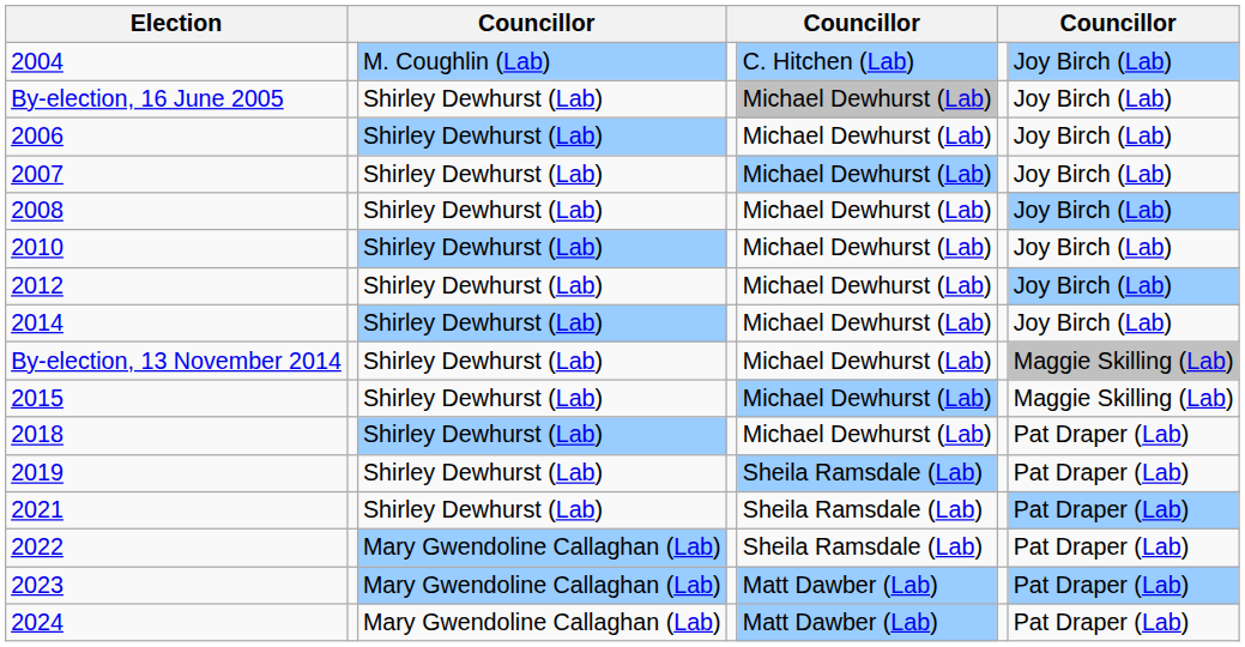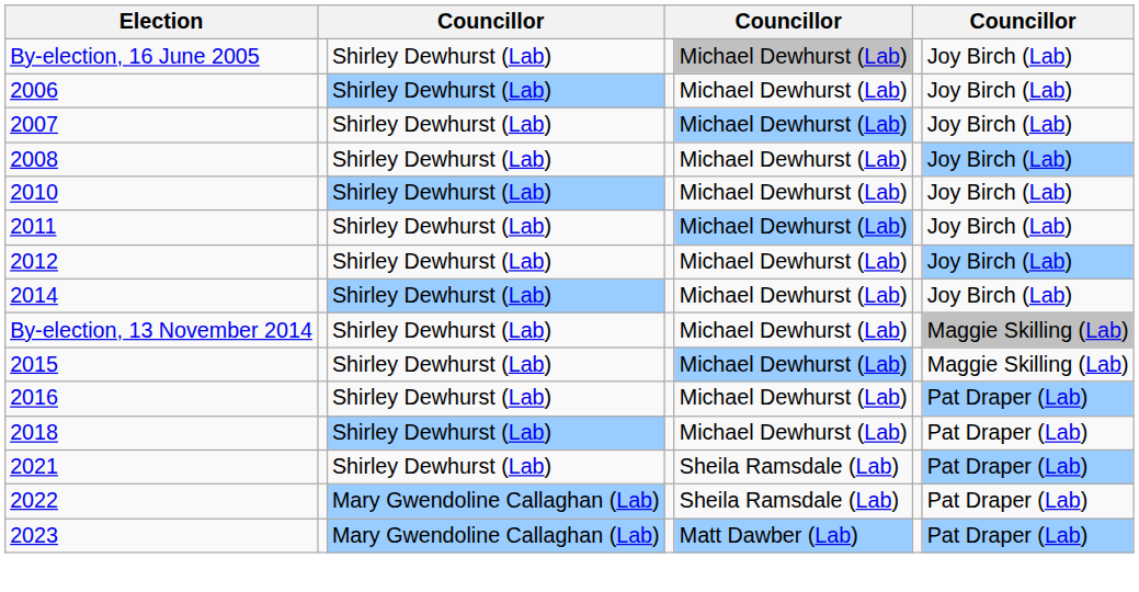 <table class="wikitable">
 <tr>
 <th>Election</th>
 <th colspan="2">Councillor</th>
 <th colspan="2">Councillor</th>
 <th colspan="2">Councillor</th>
-</tr>
-<tr>
-<td><a href='#'>2004</a></td>
-<td style="background-color: "></td>
-<td bgcolor="#99CCFF">M. Coughlin (<a href='#'>Lab</a>)</td>
-<td style="background-color: "></td>
-<td bgcolor="#99CCFF">C. Hitchen (<a href='#'>Lab</a>)</td>
-<td style="background-color: "></td>
-<td bgcolor="#99CCFF">Joy Birch (<a href='#'>Lab</a>)</td>
 </tr>
 <tr>
 <td><a href='#'>By-election, 16 June 2005</a></td>
 <td style="background-color: "></td>
 <td>Shirley Dewhurst (<a href='#'>Lab</a>)</td>
 <td style="background-color: "></td>
 <td bgcolor="#C0C0C0">Michael Dewhurst (<a href='#'>Lab</a>)</td>
 <td style="background-color: "></td>
 <td>Joy Birch (<a href='#'>Lab</a>)</td>
 </tr>
 <tr>
 <td><a href='#'>2006</a></td>
 <td style="background-color: "></td>
 <td bgcolor="#99CCFF">Shirley Dewhurst (<a href='#'>Lab</a>)</td>
 <td style="background-color: "></td>
 <td>Michael Dewhurst (<a href='#'>Lab</a>)</td>
 <td style="background-color: "></td>
 <td>Joy Birch (<a href='#'>Lab</a>)</td>
 </tr>
 <tr>
 <td><a href='#'>2007</a></td>
 <td style="background-color: "></td>
 <td>Shirley Dewhurst (<a href='#'>Lab</a>)</td>
 <td style="background-color: "></td>
 <td bgcolor="#99CCFF">Michael Dewhurst (<a href='#'>Lab</a>)</td>
 <td style="background-color: "></td>
 <td>Joy Birch (<a href='#'>Lab</a>)</td>
 </tr>
 <tr>
 <td><a href='#'>2008</a></td>
 <td style="background-color: "></td>
 <td>Shirley Dewhurst (<a href='#'>Lab</a>)</td>
 <td style="background-color: "></td>
 <td>Michael Dewhurst (<a href='#'>Lab</a>)</td>
 <td style="background-color: "></td>
 <td bgcolor="#99CCFF">Joy Birch (<a href='#'>Lab</a>)</td>
 </tr>
 <tr>
 <td><a href='#'>2010</a></td>
 <td style="background-color: "></td>
 <td bgcolor="#99CCFF">Shirley Dewhurst (<a href='#'>Lab</a>)</td>
 <td style="background-color: "></td>
 <td>Michael Dewhurst (<a href='#'>Lab</a>)</td>
 <td style="background-color: "></td>
 <td>Joy Birch (<a href='#'>Lab</a>)</td>
 </tr>
 <tr>
+<td><a href='#'>2011</a></td>
+<td style="background-color: "></td>
+<td>Shirley Dewhurst (<a href='#'>Lab</a>)</td>
+<td style="background-color: "></td>
+<td bgcolor="#99CCFF">Michael Dewhurst (<a href='#'>Lab</a>)</td>
+<td style="background-color: "></td>
+<td>Joy Birch (<a href='#'>Lab</a>)</td>
+</tr>
+<tr>
 <td><a href='#'>2012</a></td>
 <td style="background-color: "></td>
 <td>Shirley Dewhurst (<a href='#'>Lab</a>)</td>
 <td style="background-color: "></td>
 <td>Michael Dewhurst (<a href='#'>Lab</a>)</td>
 <td style="background-color: "></td>
 <td bgcolor="#99CCFF">Joy Birch (<a href='#'>Lab</a>)</td>
 </tr>
 <tr>
 <td><a href='#'>2014</a></td>
 <td style="background-color: "></td>
 <td bgcolor="#99CCFF">Shirley Dewhurst (<a href='#'>Lab</a>)</td>
 <td style="background-color: "></td>
 <td>Michael Dewhurst (<a href='#'>Lab</a>)</td>
 <td style="background-color: "></td>
 <td>Joy Birch (<a href='#'>Lab</a>)</td>
 </tr>
 <tr>
 <td><a href='#'>By-election, 13 November 2014</a></td>
 <td style="background-color: "></td>
 <td>Shirley Dewhurst (<a href='#'>Lab</a>)</td>
 <td style="background-color: "></td>
 <td>Michael Dewhurst (<a href='#'>Lab</a>)</td>
 <td style="background-color: "></td>
 <td bgcolor="#C0C0C0">Maggie Skilling (<a href='#'>Lab</a>)</td>
 </tr>
 <tr>
 <td><a href='#'>2015</a></td>
 <td style="background-color: "></td>
 <td>Shirley Dewhurst (<a href='#'>Lab</a>)</td>
 <td style="background-color: "></td>
 <td bgcolor="#99CCFF">Michael Dewhurst (<a href='#'>Lab</a>)</td>
 <td style="background-color: "></td>
 <td>Maggie Skilling (<a href='#'>Lab</a>)</td>
 </tr>
 <tr>
+<td><a href='#'>2016</a></td>
+<td style="background-color: "></td>
+<td>Shirley Dewhurst (<a href='#'>Lab</a>)</td>
+<td style="background-color: "></td>
+<td>Michael Dewhurst (<a href='#'>Lab</a>)</td>
+<td style="background-color: "></td>
+<td bgcolor="#99CCFF">Pat Draper (<a href='#'>Lab</a>)</td>
+</tr>
+<tr>
 <td><a href='#'>2018</a></td>
 <td style="background-color: "></td>
 <td bgcolor="#99CCFF">Shirley Dewhurst (<a href='#'>Lab</a>)</td>
 <td style="background-color: "></td>
 <td>Michael Dewhurst (<a href='#'>Lab</a>)</td>
-<td style="background-color: "></td>
-<td>Pat Draper (<a href='#'>Lab</a>)</td>
-</tr>
-<tr>
-<td><a href='#'>2019</a></td>
-<td style="background-color: "></td>
-<td>Shirley Dewhurst (<a href='#'>Lab</a>)</td>
-<td style="background-color: "></td>
-<td bgcolor="#99CCFF">Sheila Ramsdale (<a href='#'>Lab</a>)</td>
 <td style="background-color: "></td>
 <td>Pat Draper (<a href='#'>Lab</a>)</td>
 </tr>
 <tr>
 <td><a href='#'>2021</a></td>
 <td style="background-color: "></td>
 <td>Shirley Dewhurst (<a href='#'>Lab</a>)</td>
 <td style="background-color: "></td>
 <td>Sheila Ramsdale (<a href='#'>Lab</a>)</td>
 <td style="background-color: "></td>
 <td bgcolor="#99CCFF">Pat Draper (<a href='#'>Lab</a>)</td>
 </tr>
 <tr>
 <td><a href='#'>2022</a></td>
 <td style="background-color: "></td>
 <td bgcolor="#99CCFF">Mary Gwendoline Callaghan (<a href='#'>Lab</a>)</td>
 <td style="background-color: "></td>
 <td>Sheila Ramsdale (<a href='#'>Lab</a>)</td>
 <td style="background-color: "></td>
 <td>Pat Draper (<a href='#'>Lab</a>)</td>
 </tr>
 <tr>
 <td><a href='#'>2023</a></td>
 <td style="background-color: "></td>
 <td bgcolor="#99CCFF">Mary Gwendoline Callaghan (<a href='#'>Lab</a>)</td>
 <td style="background-color: "></td>
 <td bgcolor="#99CCFF">Matt Dawber (<a href='#'>Lab</a>)</td>
 <td style="background-color: "></td>
 <td bgcolor="#99CCFF">Pat Draper (<a href='#'>Lab</a>)</td>
 </tr>
-<tr>
-<td><a href='#'>2024</a></td>
-<td style="background-color: "></td>
-<td>Mary Gwendoline Callaghan (<a href='#'>Lab</a>)</td>
-<td style="background-color: "></td>
-<td bgcolor="#99CCFF">Matt Dawber (<a href='#'>Lab</a>)</td>
-<td style="background-color: "></td>
-<td>Pat Draper (<a href='#'>Lab</a>)</td>
-</tr>
 </table>
